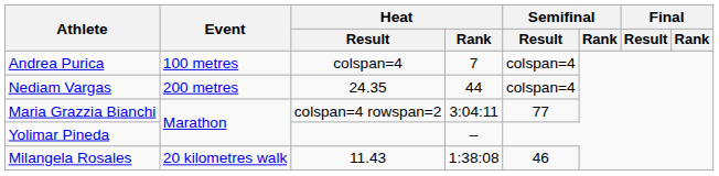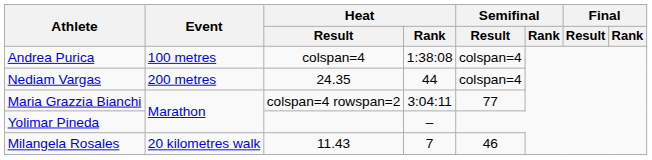 <table class=wikitable style=font-size:90%>
 <tr>
 <th rowspan=2>Athlete</th>
 <th rowspan=2>Event</th>
 <th colspan=2>Heat</th>
 <th colspan=2>Semifinal</th>
 <th colspan=2>Final</th>
 </tr>
 <tr style=font-size:95%>
 <th>Result</th>
 <th>Rank</th>
 <th>Result</th>
 <th>Rank</th>
 <th>Result</th>
 <th>Rank</th>
 </tr>
 <tr align=center>
 <td align=left><a href='#'>Andrea Purica</a></td>
 <td align=left><a href='#'>100 metres</a></td>
 <td>colspan=4 </td>
-<td>7</td>
+<td>1:38:08</td>
 <td>colspan=4 </td>
 </tr>
 <tr align=center>
 <td align=left><a href='#'>Nediam Vargas</a></td>
 <td align=left><a href='#'>200 metres</a></td>
 <td>24.35</td>
 <td>44</td>
 <td>colspan=4 </td>
 </tr>
 <tr align=center>
 <td align=left><a href='#'>Maria Grazzia Bianchi</a></td>
 <td align=left rowspan=2><a href='#'>Marathon</a></td>
 <td>colspan=4 rowspan=2 </td>
 <td>3:04:11</td>
 <td>77</td>
 </tr>
 <tr align=center>
 <td align=left><a href='#'>Yolimar Pineda</a></td>
 <td></td>
 <td>–</td>
 </tr>
 <tr align=center>
 <td align=left><a href='#'>Milangela Rosales</a></td>
 <td align=left><a href='#'>20 kilometres walk</a></td>
 <td>11.43</td>
-<td>1:38:08</td>
+<td>7</td>
 <td>46</td>
 </tr>
 </table>
